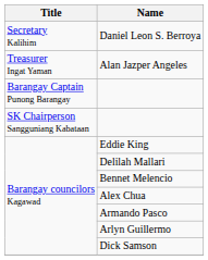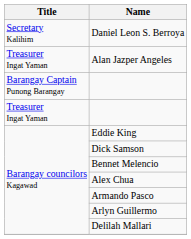 <table class="wikitable">
 <tr>
 <th>Title</th>
 <th>Name</th>
 </tr>
 <tr>
 <td><a href='#'>Secretary</a><br><small>Kalihim</small></td>
 <td>Daniel Leon S. Berroya</td>
 </tr>
 <tr>
 <td><a href='#'>Treasurer</a><br><small>Ingat Yaman</small></td>
 <td>Alan Jazper Angeles</td>
 </tr>
 <tr>
 <td><a href='#'>Barangay Captain</a><br><small>Punong Barangay</small></td>
 <td></td>
 </tr>
 <tr>
-<td><a href='#'>SK Chairperson</a><br><small>Sangguniang Kabataan</small></td>
+<td><a href='#'>Treasurer</a><br><small>Ingat Yaman</small></td>
 <td></td>
 </tr>
 <tr>
 <td rowspan=7><a href='#'>Barangay councilors</a><br><small>Kagawad</small></td>
 <td>Eddie King</td>
 </tr>
 <tr>
-<td>Delilah Mallari</td>
+<td>Dick Samson</td>
 </tr>
 <tr>
 <td>Bennet Melencio</td>
 </tr>
 <tr>
 <td>Alex Chua</td>
 </tr>
 <tr>
 <td>Armando Pasco</td>
 </tr>
 <tr>
 <td>Arlyn Guillermo</td>
 </tr>
 <tr>
-<td>Dick Samson</td>
+<td>Delilah Mallari</td>
 </tr>
 <tr>
 </tr>
 </table>
